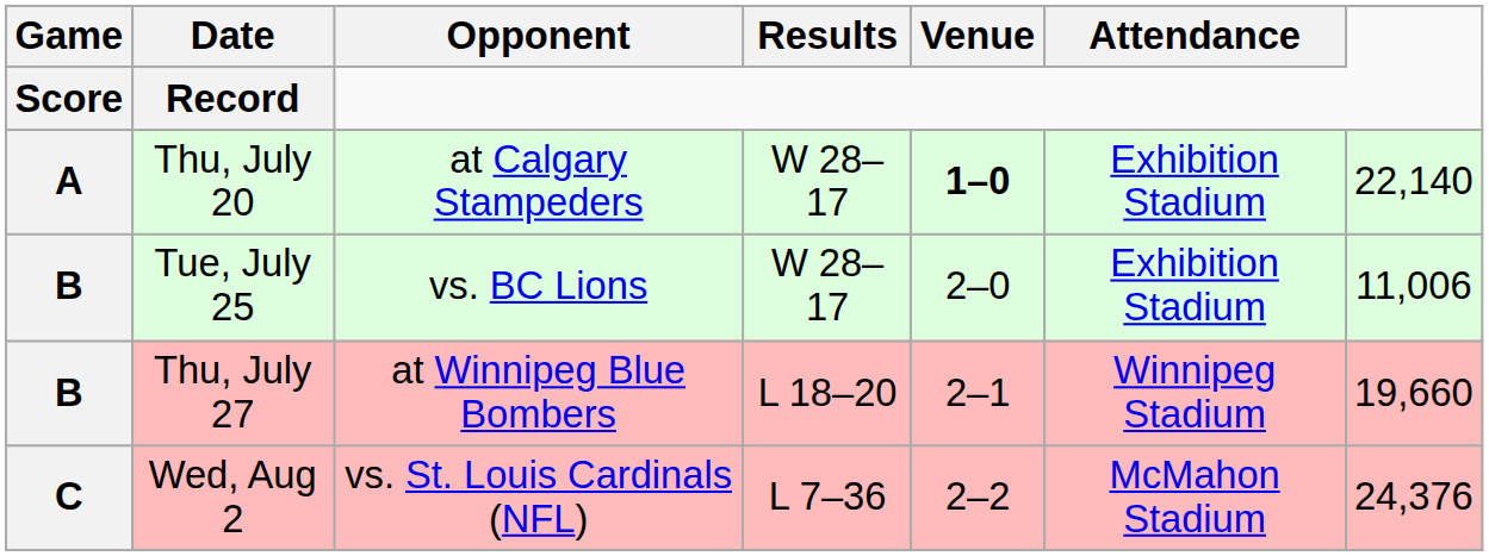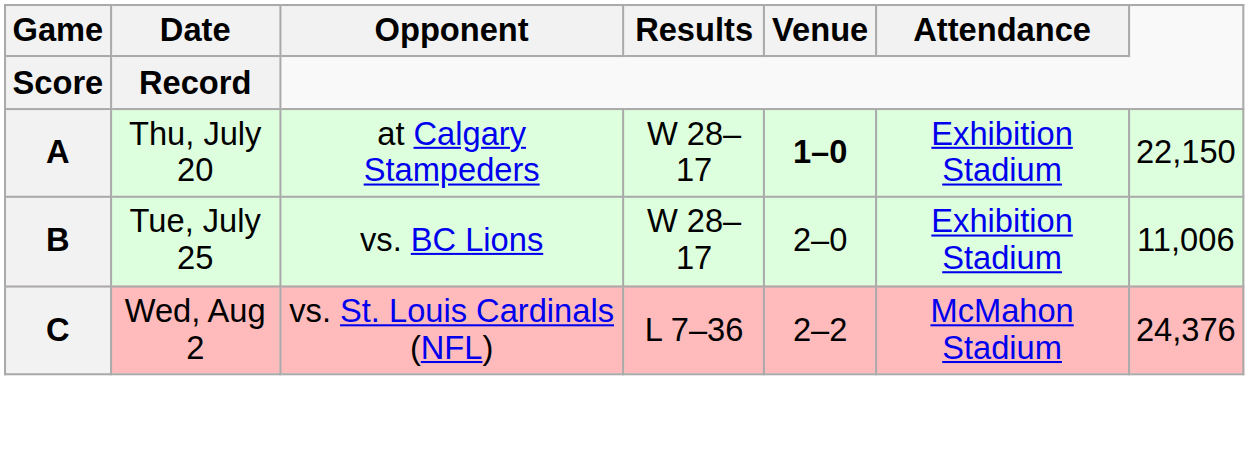 <table class="wikitable" style="text-align:center">
 <tr>
 <th>Game</th>
 <th>Date</th>
 <th>Opponent</th>
 <th>Results</th>
 <th>Venue</th>
 <th>Attendance</th>
 </tr>
 <tr>
 <th>Score</th>
 <th>Record</th>
 </tr>
 <tr style="background:#ddffdd">
 <th>A</th>
 <td>Thu, July 20</td>
 <td>at <a href='#'>Calgary Stampeders</a></td>
 <td>W 28–17</td>
 <td><strong>1–0</strong></td>
 <td><a href='#'>Exhibition Stadium</a></td>
-<td>22,140</td>
+<td>22,150</td>
 </tr>
 <tr style="background:#ddffdd">
 <th>B</th>
 <td>Tue, July 25</td>
 <td>vs. <a href='#'>BC Lions</a></td>
 <td>W 28–17</td>
 <td>2–0</td>
 <td><a href='#'>Exhibition Stadium</a></td>
 <td>11,006</td>
 </tr>
 <tr style="background:#ffbbbb">
-<th>B</th>
-<td>Thu, July 27</td>
-<td>at <a href='#'>Winnipeg Blue Bombers</a></td>
-<td>L 18–20</td>
-<td>2–1</td>
-<td><a href='#'>Winnipeg Stadium</a></td>
-<td>19,660</td>
-</tr>
-<tr style="background:#ffbbbb">
 <th>C</th>
 <td>Wed, Aug 2</td>
 <td>vs. <a href='#'>St. Louis Cardinals</a> (<a href='#'>NFL</a>)</td>
 <td>L 7–36</td>
 <td>2–2</td>
 <td><a href='#'>McMahon Stadium</a></td>
 <td>24,376</td>
 </tr>
 </table>
